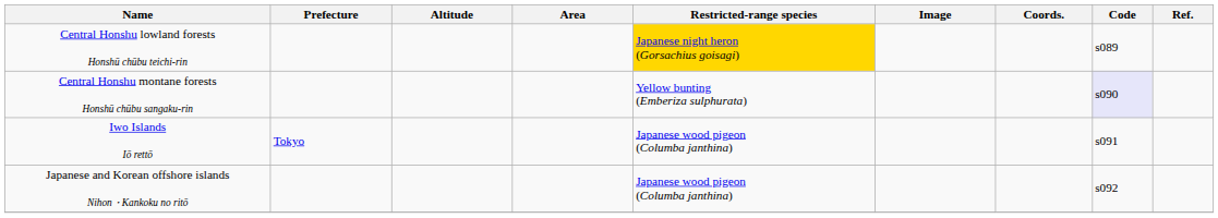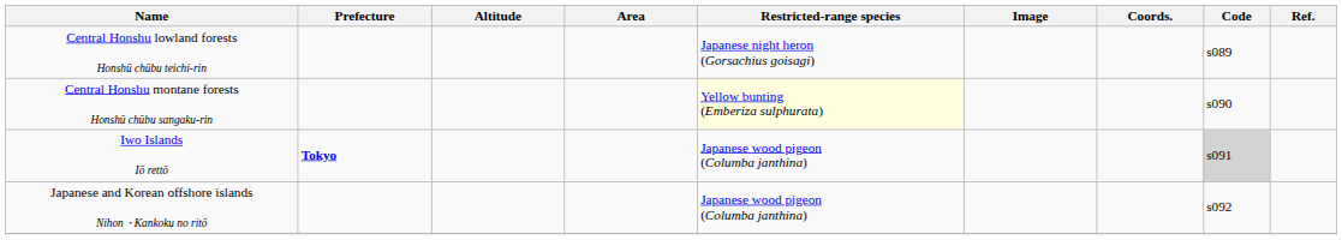 <table class="wikitable sortable"  style="width:100%;">
 <tr>
 <th width="22%" align="left">Name</th>
 <th width="10%" align="left">Prefecture</th>
 <th width="10%" align="left">Altitude</th>
 <th width="10%" align="left">Area</th>
 <th width="20%" align="left">Restricted-range species</th>
 <th width="10%" align="left" class="unsortable">Image</th>
 <th width="8%" align="left" class="unsortable">Coords.</th>
 <th width="5%" align="left">Code</th>
 <th width="5%" align="left" class="unsortable">Ref.</th>
 </tr>
 <tr>
 <td align="center"><a href='#'>Central Honshu</a> lowland forests<br><br><small><em>Honshū chūbu teichi-rin</em></small></td>
 <td></td>
 <td></td>
 <td></td>
-<td style="background: gold;"><a href='#'>Japanese night heron</a><br>(<em>Gorsachius goisagi</em>)</td>
+<td><a href='#'>Japanese night heron</a><br>(<em>Gorsachius goisagi</em>)</td>
 <td></td>
 <td></td>
 <td>s089</td>
 <td></td>
 </tr>
 <tr>
 <td align="center"><a href='#'>Central Honshu</a> montane forests<br><br><small><em>Honshū chūbu sangaku-rin</em></small></td>
 <td></td>
 <td></td>
 <td></td>
-<td><a href='#'>Yellow bunting</a><br>(<em>Emberiza sulphurata</em>)</td>
+<td style="background: lightyellow;"><a href='#'>Yellow bunting</a><br>(<em>Emberiza sulphurata</em>)</td>
 <td></td>
 <td></td>
-<td style="background: lavender;">s090</td>
+<td>s090</td>
 <td></td>
 </tr>
 <tr>
 <td align="center"><a href='#'>Iwo Islands</a><br><br><small><em>Iō rettō</em></small></td>
-<td><a href='#'>Tokyo</a></td>
+<td><strong><a href='#'>Tokyo</a></strong></td>
 <td></td>
 <td></td>
 <td><a href='#'>Japanese wood pigeon</a><br>(<em>Columba janthina</em>)</td>
 <td></td>
 <td></td>
-<td>s091</td>
+<td style="background: lightgrey;">s091</td>
 <td></td>
 </tr>
 <tr>
 <td align="center">Japanese and Korean offshore islands<br><br><small><em>Nihon・Kankoku no ritō</em></small></td>
 <td></td>
 <td></td>
 <td></td>
 <td><a href='#'>Japanese wood pigeon</a><br>(<em>Columba janthina</em>)</td>
 <td></td>
 <td></td>
 <td>s092</td>
 <td></td>
 </tr>
 <tr>
 </tr>
 </table>
